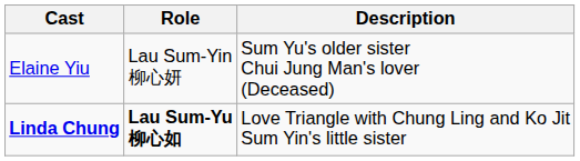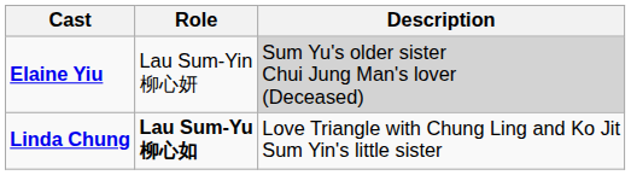 <table class="wikitable">
 <tr>
 <th>Cast</th>
 <th>Role</th>
 <th>Description</th>
 </tr>
 <tr>
-<td><a href='#'>Elaine Yiu</a></td>
+<td><strong><a href='#'>Elaine Yiu</a></strong></td>
 <td>Lau Sum-Yin <br> 柳心妍</td>
-<td>Sum Yu's older sister <br>Chui Jung Man's lover <br>(Deceased)</td>
+<td style="background: lightgrey;">Sum Yu's older sister <br>Chui Jung Man's lover <br>(Deceased)</td>
 </tr>
 <tr>
 <td><strong><a href='#'>Linda Chung</a></strong></td>
 <td><strong>Lau Sum-Yu <br> 柳心如</strong></td>
 <td>Love Triangle with Chung Ling and Ko Jit<br>Sum Yin's little sister</td>
 </tr>
 </table>
